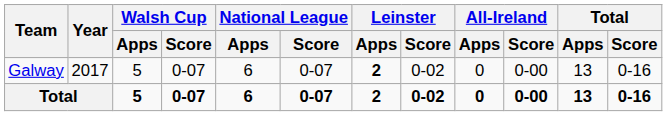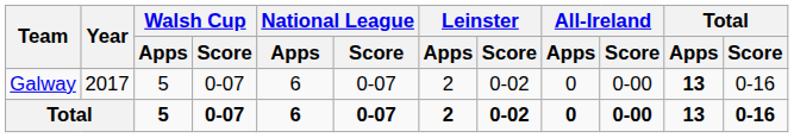 <table class="wikitable" style="text-align:center">
 <tr>
 <th rowspan="2">Team</th>
 <th rowspan="2">Year</th>
 <th colspan="2"><a href='#'>Walsh Cup</a></th>
 <th colspan="2"><a href='#'>National League</a></th>
 <th colspan="2"><a href='#'>Leinster</a></th>
 <th colspan="2"><a href='#'>All-Ireland</a></th>
 <th colspan="2">Total</th>
 </tr>
 <tr>
 <th>Apps</th>
 <th>Score</th>
 <th>Apps</th>
 <th>Score</th>
 <th>Apps</th>
 <th>Score</th>
 <th>Apps</th>
 <th>Score</th>
 <th>Apps</th>
 <th>Score</th>
 </tr>
 <tr>
 <td rowspan="1"><a href='#'>Galway</a></td>
 <td>2017</td>
 <td>5</td>
 <td>0-07</td>
 <td>6</td>
 <td>0-07</td>
-<td><strong>2</strong></td>
+<td>2</td>
 <td>0-02</td>
 <td>0</td>
 <td>0-00</td>
-<td>13</td>
+<td><strong>13</strong></td>
 <td>0-16</td>
 </tr>
 <tr>
 <th colspan="2">Total</th>
 <td><strong>5</strong></td>
 <td><strong>0-07</strong></td>
 <td><strong>6</strong></td>
 <td><strong>0-07</strong></td>
 <td><strong>2</strong></td>
 <td><strong>0-02</strong></td>
 <td><strong>0</strong></td>
 <td><strong>0-00</strong></td>
 <td><strong>13</strong></td>
 <td><strong>0-16</strong></td>
 </tr>
 </table>
